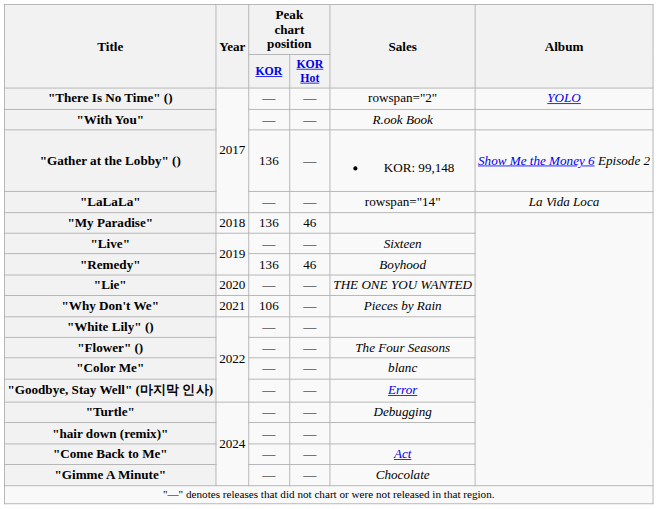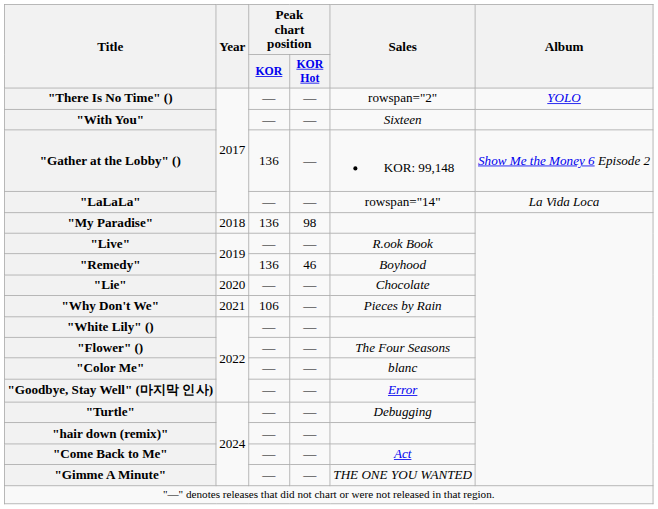 <table class="wikitable plainrowheaders" style="text-align:center;">
 <tr>
 <th scope="col" rowspan="2">Title</th>
 <th scope="col" rowspan="2">Year</th>
 <th scope="col" colspan="2">Peak<br>chart<br>position</th>
 <th scope="col" rowspan="2">Sales</th>
 <th scope="col" rowspan="2">Album</th>
 </tr>
 <tr>
 <th scope="col" style="width:3em;font-size:90%;"><a href='#'>KOR</a><br></th>
 <th scope="col" style="width:3em;font-size:90%;"><a href='#'>KOR<br>Hot</a><br></th>
 </tr>
 <tr>
 <th scope="row">"There Is No Time" ()<br></th>
 <td rowspan="4">2017</td>
 <td>—</td>
 <td>—</td>
 <td>rowspan="2" </td>
 <td><em><a href='#'>YOLO</a></em></td>
 </tr>
 <tr>
 <th scope="row">"With You"<br></th>
 <td>—</td>
 <td>—</td>
-<td><em>R.ook Book</em></td>
+<td><em>Sixteen</em></td>
 </tr>
 <tr>
 <th scope="row">"Gather at the Lobby" ()<br></th>
 <td>136</td>
 <td>—</td>
 <td><br><ul><li>KOR: 99,148</li></ul></td>
 <td><em><a href='#'>Show Me the Money 6</a> Episode 2</em></td>
 </tr>
 <tr>
 <th scope="row">"LaLaLa"<br></th>
 <td>—</td>
 <td>—</td>
 <td>rowspan="14" </td>
 <td><em>La Vida Loca</em></td>
 </tr>
 <tr>
 <th scope="row">"My Paradise"<br></th>
 <td>2018</td>
 <td>136</td>
-<td>46</td>
+<td>98</td>
 <td></td>
 </tr>
 <tr>
 <th scope="row">"Live"<br></th>
 <td rowspan="2">2019</td>
 <td>—</td>
 <td>—</td>
-<td><em>Sixteen</em></td>
+<td><em>R.ook Book</em></td>
 </tr>
 <tr>
 <th scope="row">"Remedy"<br></th>
 <td>136</td>
 <td>46</td>
 <td><em>Boyhood</em></td>
 </tr>
 <tr>
 <th scope="row">"Lie"<br></th>
 <td>2020</td>
 <td>—</td>
 <td>—</td>
-<td><em>THE ONE YOU WANTED</em></td>
+<td><em>Chocolate</em></td>
 </tr>
 <tr>
 <th scope="row">"Why Don't We" <br></th>
 <td>2021</td>
 <td>106</td>
 <td>—</td>
 <td><em>Pieces by Rain</em></td>
 </tr>
 <tr>
 <th scope="row">"White Lily" ()<br></th>
 <td rowspan="4">2022</td>
 <td>—</td>
 <td>—</td>
 <td></td>
 </tr>
 <tr>
 <th scope="row">"Flower" ()<br></th>
 <td>—</td>
 <td>—</td>
 <td><em>The Four Seasons</em></td>
 </tr>
 <tr>
 <th scope="row">"Color Me"<br></th>
 <td>—</td>
 <td>—</td>
 <td><em>blanc</em></td>
 </tr>
 <tr>
 <th scope="row">"Goodbye, Stay Well" (마지막 인사) <br></th>
 <td>—</td>
 <td>—</td>
 <td><em><a href='#'>Error</a></em></td>
 </tr>
 <tr>
 <th scope="row">"Turtle"<br></th>
 <td rowspan="4">2024</td>
 <td>—</td>
 <td>—</td>
 <td><em>Debugging</em></td>
 </tr>
 <tr>
 <th scope="row">"hair down (remix)"<br></th>
 <td>—</td>
 <td>—</td>
 <td></td>
 </tr>
 <tr>
 <th scope="row">"Come Back to Me"<br></th>
 <td>—</td>
 <td>—</td>
 <td><em><a href='#'>Act</a></em></td>
 </tr>
 <tr>
 <th scope="row">"Gimme A Minute"<br></th>
 <td>—</td>
 <td>—</td>
-<td><em>Chocolate</em></td>
+<td><em>THE ONE YOU WANTED</em></td>
 </tr>
 <tr>
 <td colspan="6" style="font-size:85%;">"—" denotes releases that did not chart or were not released in that region.</td>
 </tr>
 </table>
